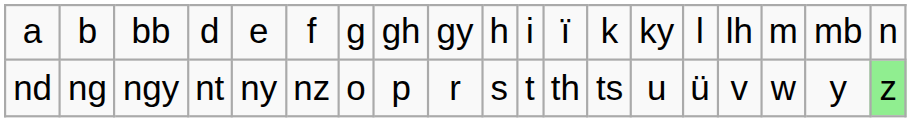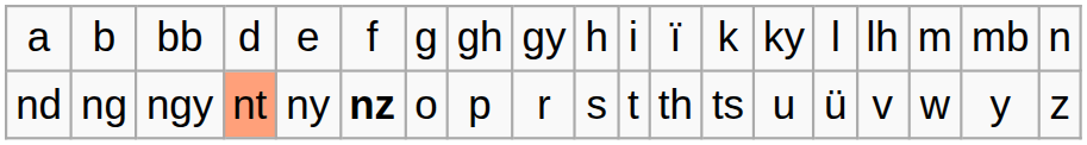 <table class="wikitable" style="text-align: center;">
 <tr>
 <td>a</td>
 <td>b</td>
 <td>bb</td>
 <td>d</td>
 <td>e</td>
 <td>f</td>
 <td>g</td>
 <td>gh</td>
 <td>gy</td>
 <td>h</td>
 <td>i</td>
 <td>ï</td>
 <td>k</td>
 <td>ky</td>
 <td>l</td>
 <td>lh</td>
 <td>m</td>
 <td>mb</td>
 <td>n</td>
 </tr>
 <tr>
 <td>nd</td>
 <td>ng</td>
 <td>ngy</td>
-<td>nt</td>
+<td style="background: lightsalmon;">nt</td>
 <td>ny</td>
-<td>nz</td>
+<td><strong>nz</strong></td>
 <td>o</td>
 <td>p</td>
 <td>r</td>
 <td>s</td>
 <td>t</td>
 <td>th</td>
 <td>ts</td>
 <td>u</td>
 <td>ü</td>
 <td>v</td>
 <td>w</td>
 <td>y</td>
-<td style="background: lightgreen;">z</td>
+<td>z</td>
 </tr>
 </table>
